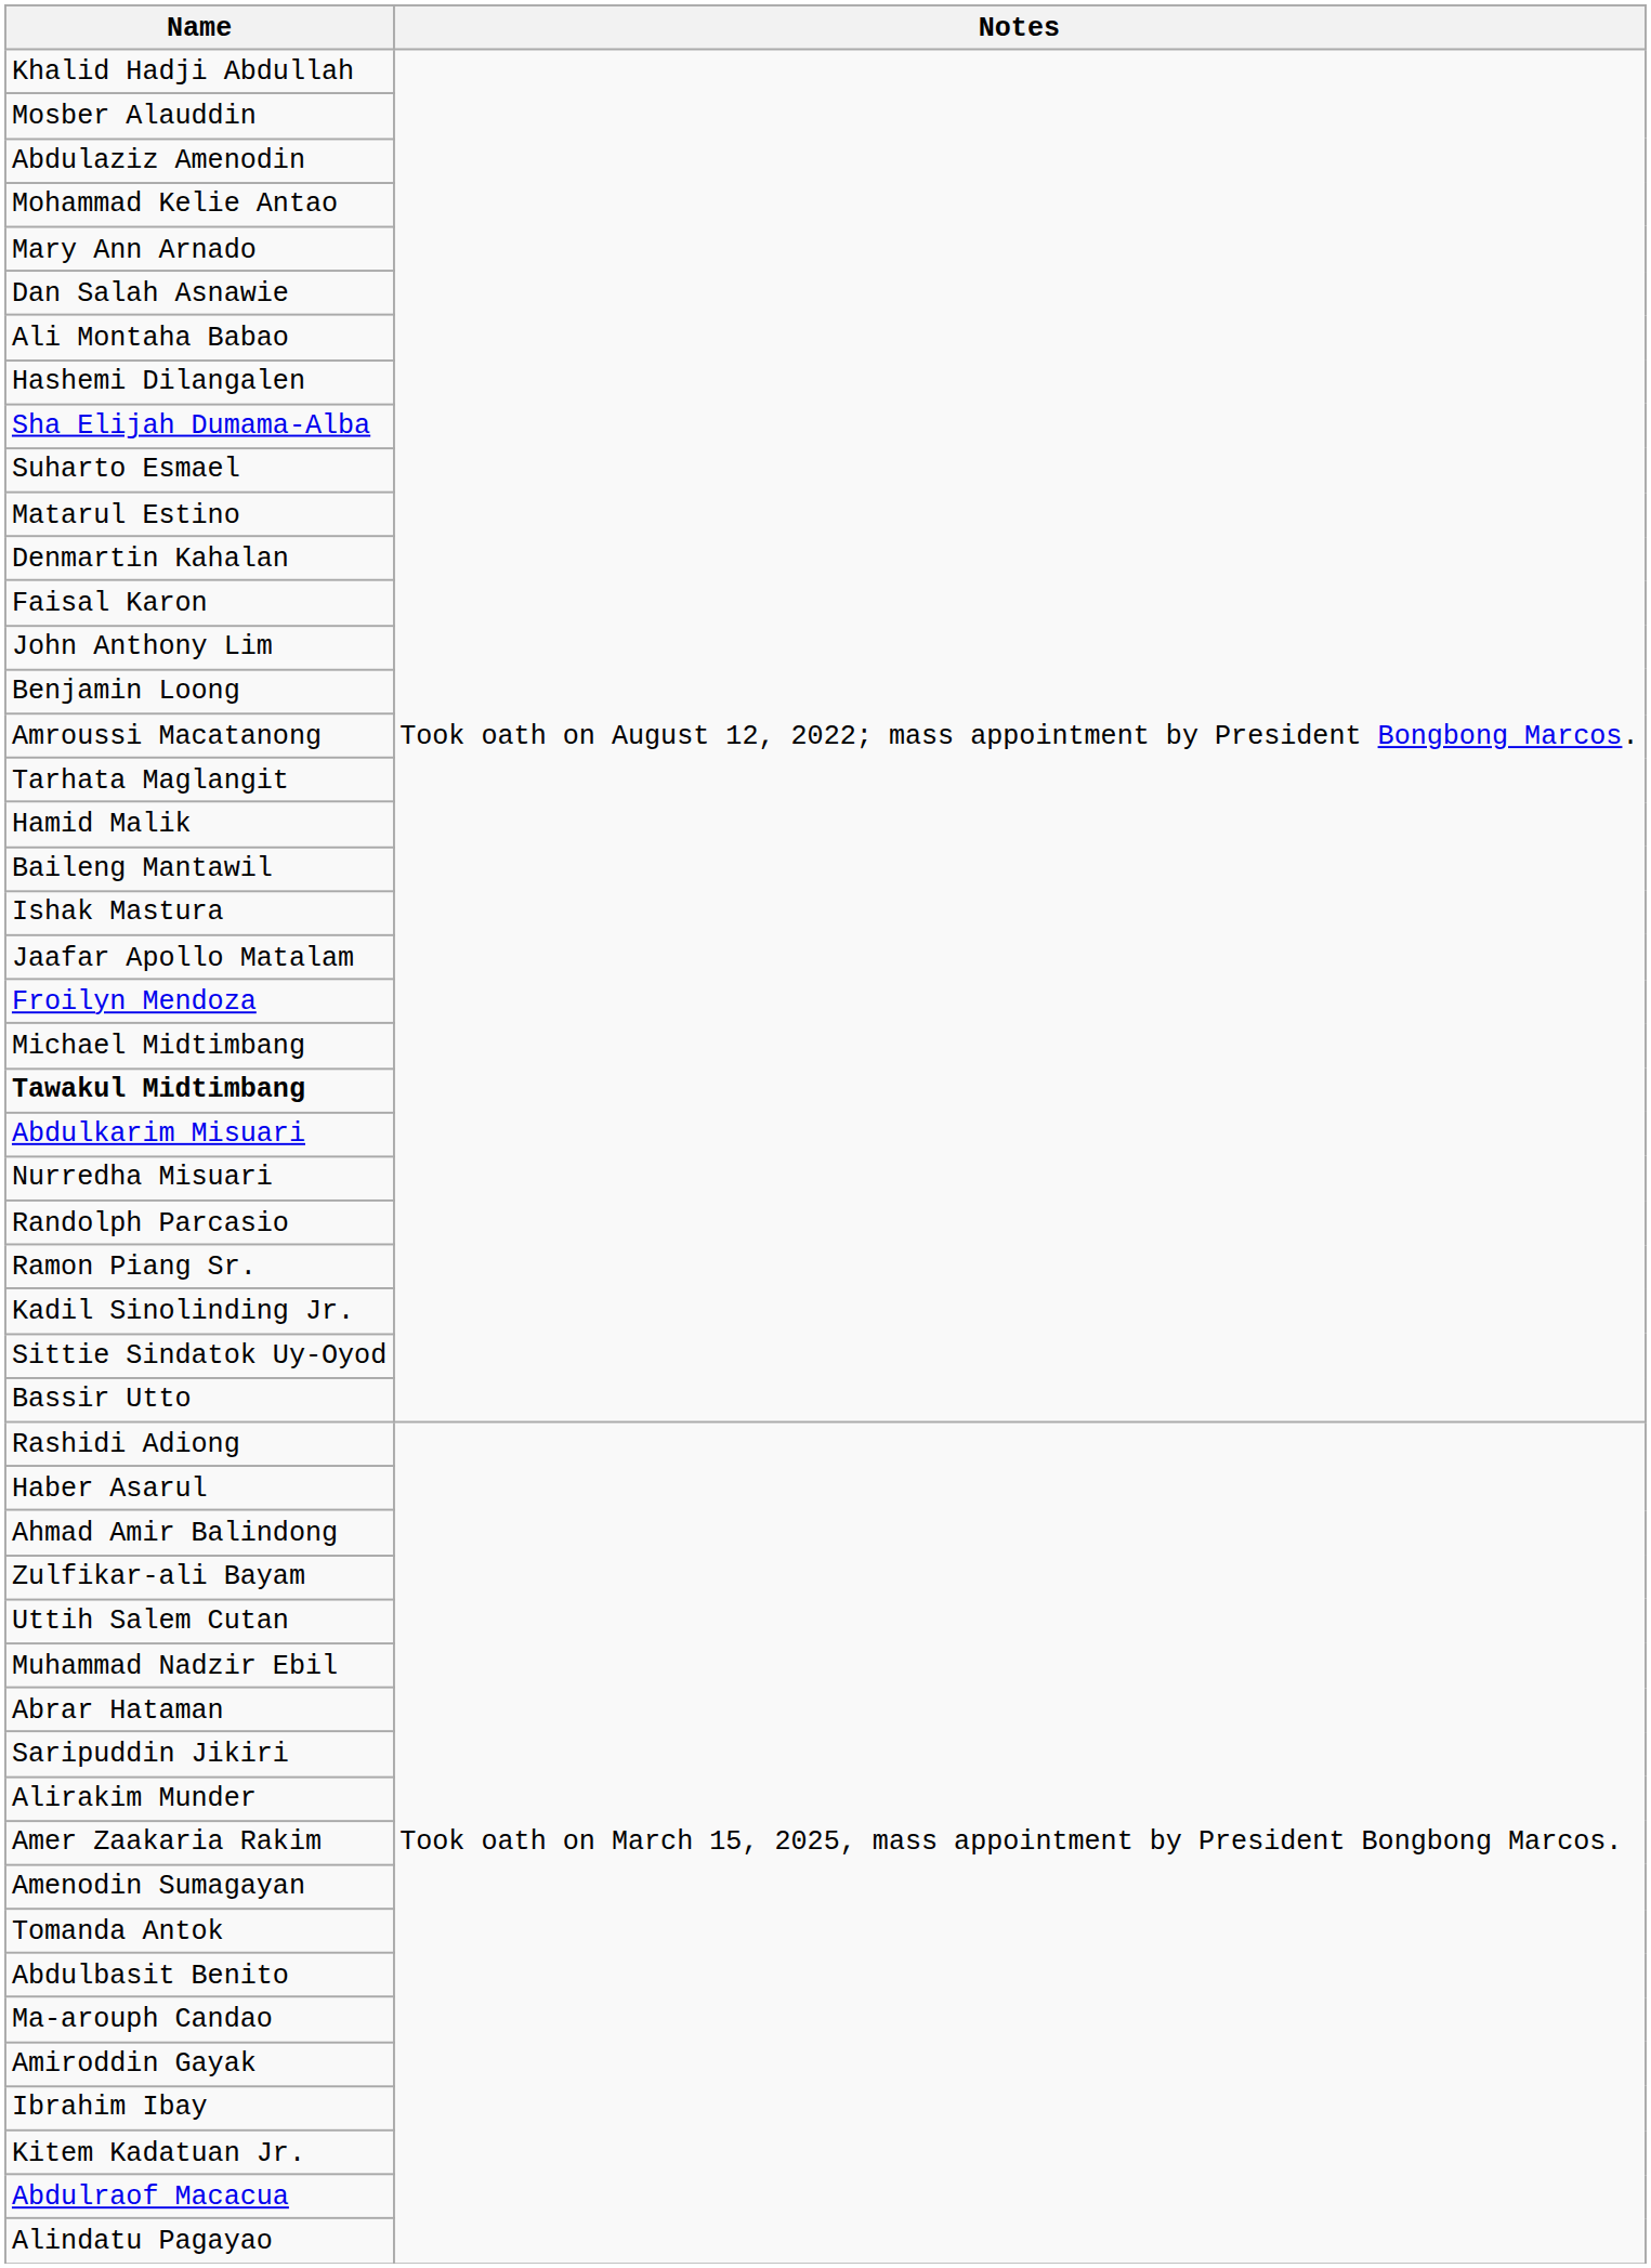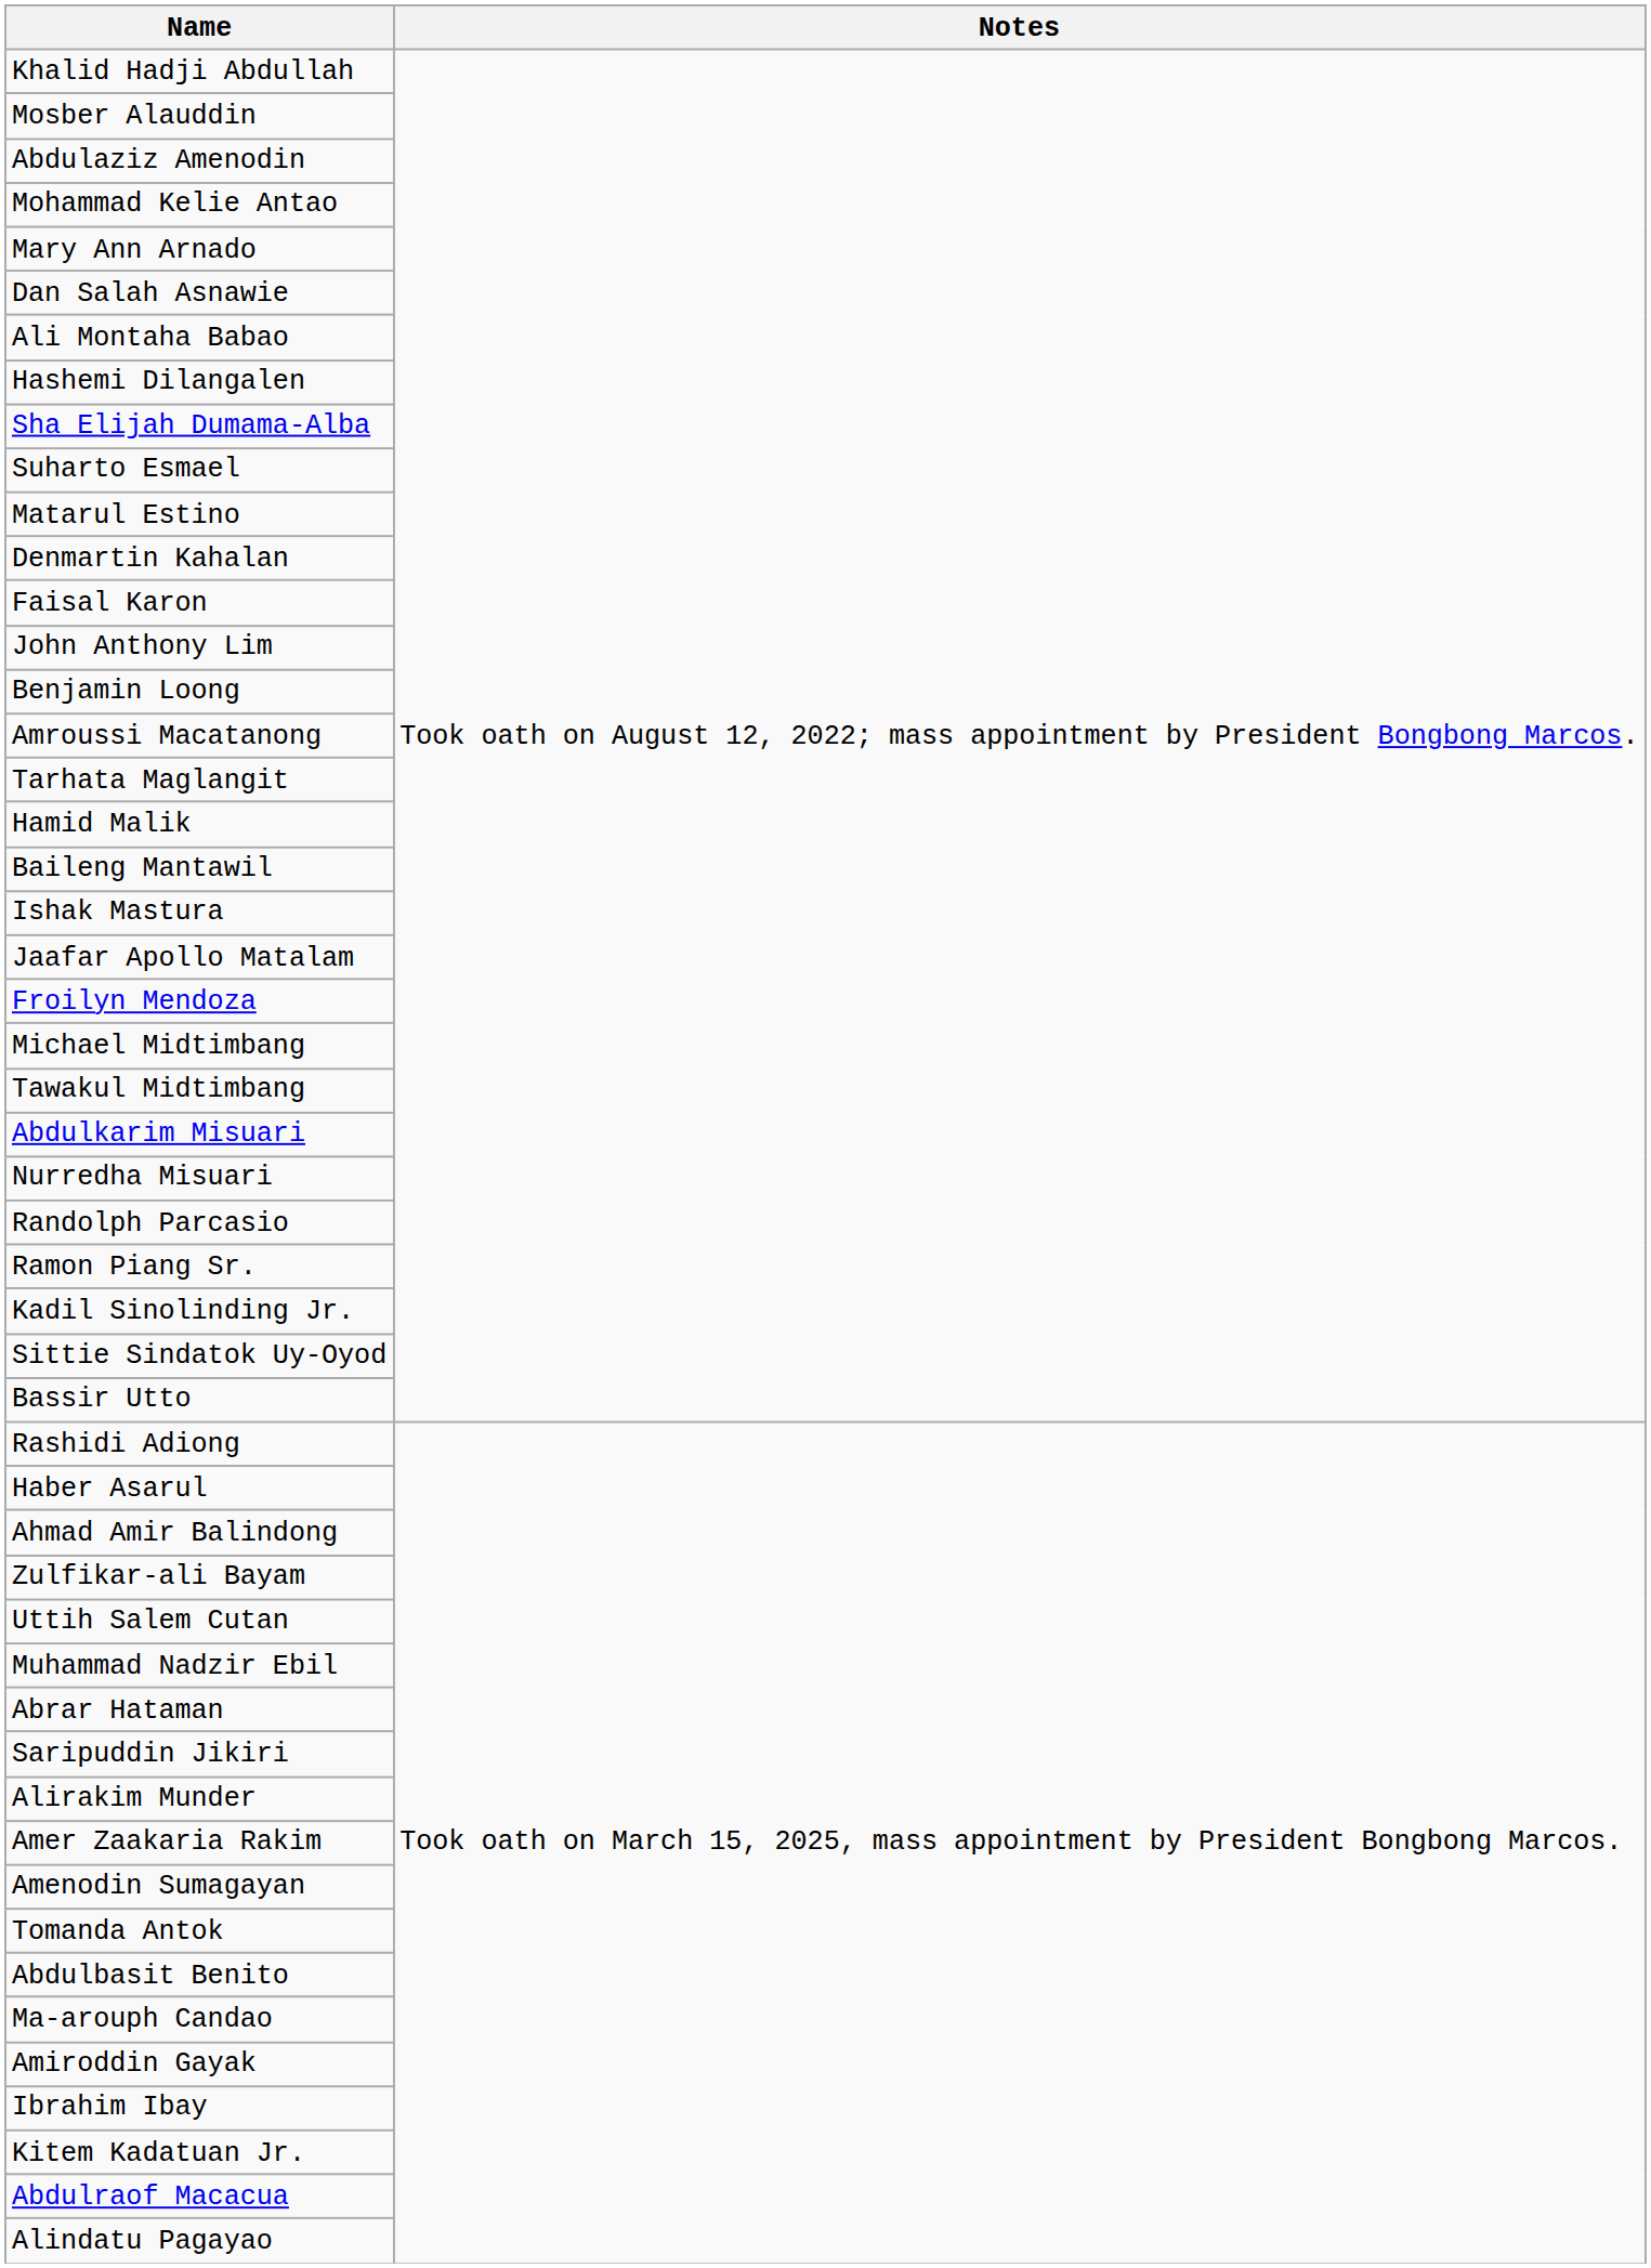 <table class="wikitable">
 <tr>
 <th>Name<br></th>
 <th>Notes</th>
 </tr>
 <tr>
 <td>Khalid Hadji Abdullah</td>
 <td rowspan=31>Took oath on August 12, 2022; mass appointment by President <a href='#'>Bongbong Marcos</a>.</td>
 </tr>
 <tr>
 <td>Mosber Alauddin</td>
 </tr>
 <tr>
 <td>Abdulaziz Amenodin</td>
 </tr>
 <tr>
 <td>Mohammad Kelie Antao</td>
 </tr>
 <tr>
 <td>Mary Ann Arnado</td>
 </tr>
 <tr>
 <td>Dan Salah Asnawie</td>
 </tr>
 <tr>
 <td>Ali Montaha Babao</td>
 </tr>
 <tr>
 <td>Hashemi Dilangalen</td>
 </tr>
 <tr>
 <td><a href='#'>Sha Elijah Dumama-Alba</a></td>
 </tr>
 <tr>
 <td>Suharto Esmael</td>
 </tr>
 <tr>
 <td>Matarul Estino</td>
 </tr>
 <tr>
 <td>Denmartin Kahalan</td>
 </tr>
 <tr>
 <td>Faisal Karon</td>
 </tr>
 <tr>
 <td>John Anthony Lim</td>
 </tr>
 <tr>
 <td>Benjamin Loong</td>
 </tr>
 <tr>
 <td>Amroussi Macatanong</td>
 </tr>
 <tr>
 <td>Tarhata Maglangit</td>
 </tr>
 <tr>
 <td>Hamid Malik</td>
 </tr>
 <tr>
 <td>Baileng Mantawil</td>
 </tr>
 <tr>
 <td>Ishak Mastura</td>
 </tr>
 <tr>
 <td>Jaafar Apollo Matalam</td>
 </tr>
 <tr>
 <td><a href='#'>Froilyn Mendoza</a></td>
 </tr>
 <tr>
 <td>Michael Midtimbang</td>
 </tr>
 <tr>
-<td><strong>Tawakul Midtimbang</strong></td>
+<td>Tawakul Midtimbang</td>
 </tr>
 <tr>
 <td><a href='#'>Abdulkarim Misuari</a></td>
 </tr>
 <tr>
 <td>Nurredha Misuari</td>
 </tr>
 <tr>
 <td>Randolph Parcasio</td>
 </tr>
 <tr>
 <td>Ramon Piang Sr.</td>
 </tr>
 <tr>
 <td>Kadil Sinolinding Jr.</td>
 </tr>
 <tr>
 <td>Sittie Sindatok Uy-Oyod</td>
 </tr>
 <tr>
 <td>Bassir Utto</td>
 </tr>
 <tr>
 <td>Rashidi Adiong</td>
 <td rowspan=19>Took oath on March 15, 2025, mass appointment by President Bongbong Marcos.</td>
 </tr>
 <tr>
 <td>Haber Asarul</td>
 </tr>
 <tr>
 <td>Ahmad Amir Balindong</td>
 </tr>
 <tr>
 <td>Zulfikar-ali Bayam</td>
 </tr>
 <tr>
 <td>Uttih Salem Cutan</td>
 </tr>
 <tr>
 <td>Muhammad Nadzir Ebil</td>
 </tr>
 <tr>
 <td>Abrar Hataman</td>
 </tr>
 <tr>
 <td>Saripuddin Jikiri</td>
 </tr>
 <tr>
 <td>Alirakim Munder</td>
 </tr>
 <tr>
 <td>Amer Zaakaria Rakim</td>
 </tr>
 <tr>
 <td>Amenodin Sumagayan</td>
 </tr>
 <tr>
 <td>Tomanda Antok</td>
 </tr>
 <tr>
 <td>Abdulbasit Benito</td>
 </tr>
 <tr>
 <td>Ma-arouph Candao</td>
 </tr>
 <tr>
 <td>Amiroddin Gayak</td>
 </tr>
 <tr>
 <td>Ibrahim Ibay</td>
 </tr>
 <tr>
 <td>Kitem Kadatuan Jr.</td>
 </tr>
 <tr>
 <td><a href='#'>Abdulraof Macacua</a></td>
 </tr>
 <tr>
 <td>Alindatu Pagayao</td>
 </tr>
 </table>
